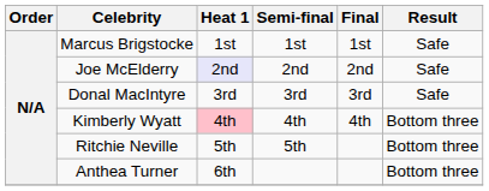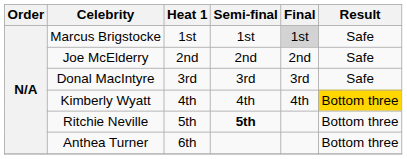 <table class="wikitable plainrowheaders" style="text-align:center;">
 <tr>
 <th>Order</th>
 <th>Celebrity</th>
 <th>Heat 1</th>
 <th>Semi-final</th>
 <th>Final</th>
 <th>Result</th>
 </tr>
 <tr>
 <th rowspan=6>N/A</th>
 <td>Marcus Brigstocke</td>
 <td>1st</td>
 <td>1st</td>
-<td>1st</td>
+<td style="background: lightgrey;">1st</td>
 <td>Safe</td>
 </tr>
 <tr>
 <td>Joe McElderry</td>
-<td style="background: lavender;">2nd</td>
+<td>2nd</td>
 <td>2nd</td>
 <td>2nd</td>
 <td>Safe</td>
 </tr>
 <tr>
 <td>Donal MacIntyre</td>
 <td>3rd</td>
 <td>3rd</td>
 <td>3rd</td>
 <td>Safe</td>
 </tr>
 <tr>
 <td>Kimberly Wyatt</td>
-<td style="background: pink;">4th</td>
 <td>4th</td>
 <td>4th</td>
-<td>Bottom three</td>
+<td>4th</td>
+<td style="background: gold;">Bottom three</td>
 </tr>
 <tr>
 <td>Ritchie Neville</td>
 <td>5th</td>
-<td>5th</td>
+<td><strong>5th</strong></td>
 <td></td>
 <td>Bottom three</td>
 </tr>
 <tr>
 <td>Anthea Turner</td>
 <td>6th</td>
 <td></td>
 <td></td>
 <td>Bottom three</td>
 </tr>
 <tr>
 </tr>
 </table>
